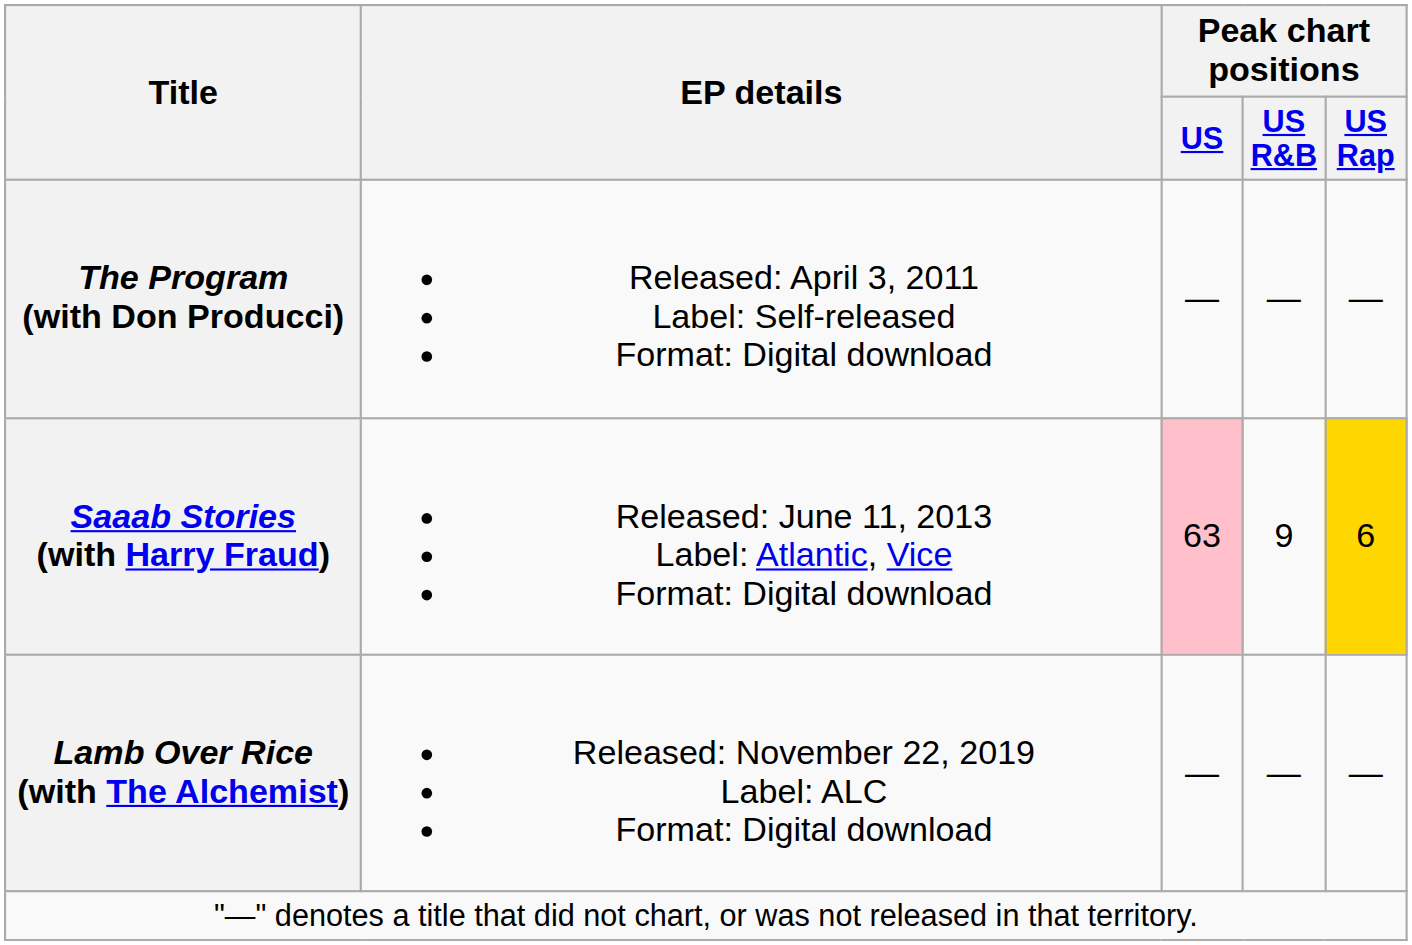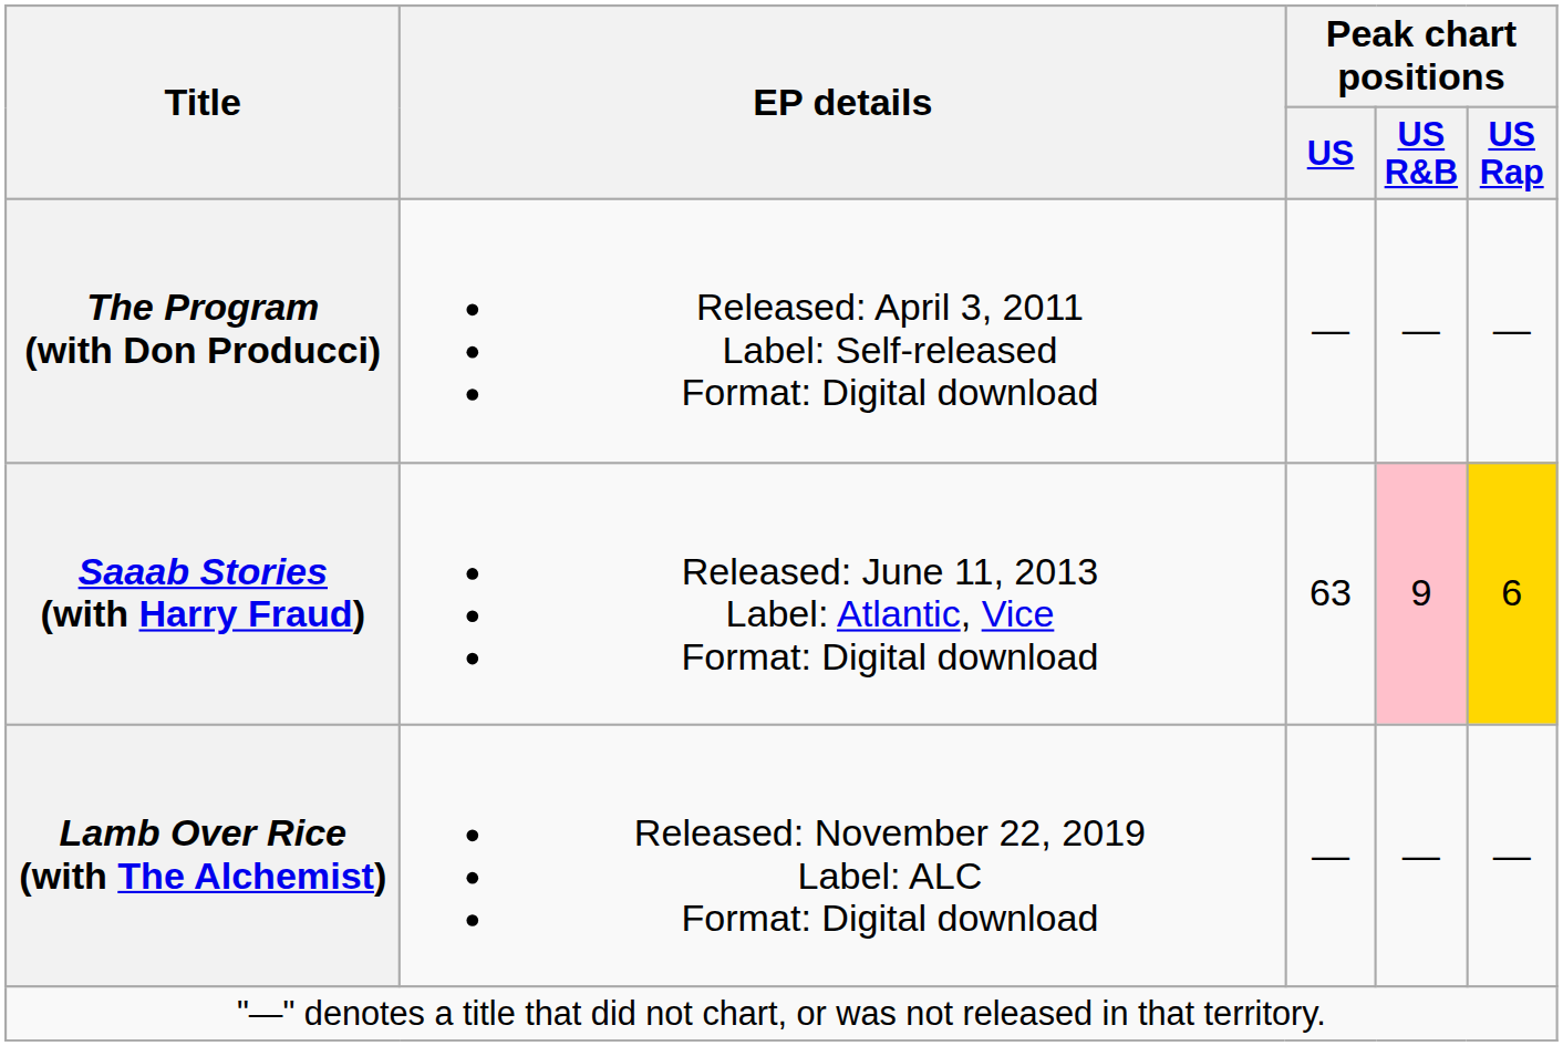 <table class="wikitable plainrowheaders" style="text-align:center;">
 <tr>
 <th scope="col" rowspan="2" style="width:10em;">Title</th>
 <th scope="col" rowspan="2" style="width:23em;">EP details</th>
 <th scope="col" colspan="3">Peak chart positions</th>
 </tr>
 <tr>
 <th scope="col" style="width:2.2em;font-size:90%;"><a href='#'>US</a></th>
 <th scope="col" style="width:2.2em;font-size:90%;"><a href='#'>US R&B</a></th>
 <th scope="col" style="width:2.2em;font-size:90%;"><a href='#'>US Rap</a></th>
 </tr>
 <tr>
 <th scope="row"><em>The Program</em><br><span>(with Don Producci)</span></th>
 <td><br><ul><li>Released: April 3, 2011</li><li>Label: Self-released</li><li>Format: Digital download</li></ul></td>
 <td>—</td>
 <td>—</td>
 <td>—</td>
 </tr>
 <tr>
 <th scope="row"><em><a href='#'>Saaab Stories</a></em><br><span>(with <a href='#'>Harry Fraud</a>)</span></th>
 <td><br><ul><li>Released: June 11, 2013</li><li>Label: <a href='#'>Atlantic</a>, <a href='#'>Vice</a></li><li>Format: Digital download</li></ul></td>
-<td style="background: pink;">63</td>
-<td>9</td>
+<td>63</td>
+<td style="background: pink;">9</td>
 <td style="background: gold;">6</td>
 </tr>
 <tr>
 <th scope="row"><em>Lamb Over Rice</em><br><span>(with <a href='#'>The Alchemist</a>)</span></th>
 <td><br><ul><li>Released: November 22, 2019</li><li>Label: ALC</li><li>Format: Digital download</li></ul></td>
 <td>—</td>
 <td>—</td>
 <td>—</td>
 </tr>
 <tr>
 <td colspan="14" style="font-size:90%">"—" denotes a title that did not chart, or was not released in that territory.</td>
 </tr>
 </table>
